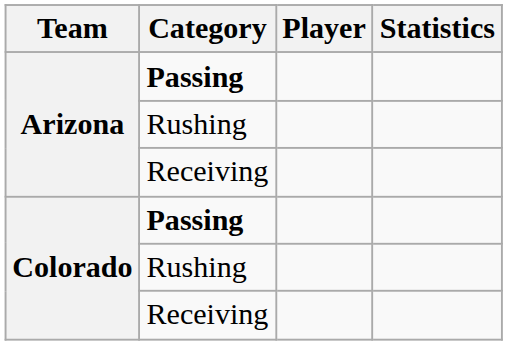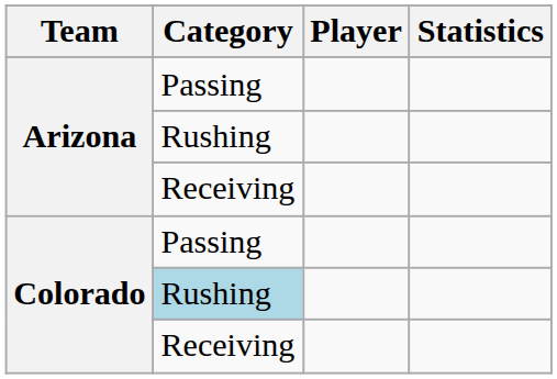 <table class="wikitable" style="float:right">
 <tr>
 <th>Team</th>
 <th>Category</th>
 <th>Player</th>
 <th>Statistics</th>
 </tr>
 <tr>
 <th rowspan=3>Arizona</th>
-<td><strong>Passing</strong></td>
+<td>Passing</td>
 <td></td>
 <td></td>
 </tr>
 <tr>
 <td>Rushing</td>
 <td></td>
 <td></td>
 </tr>
 <tr>
 <td>Receiving</td>
 <td></td>
 <td></td>
 </tr>
 <tr>
 <th rowspan=3>Colorado</th>
-<td><strong>Passing</strong></td>
+<td>Passing</td>
 <td></td>
 <td></td>
 </tr>
 <tr>
-<td>Rushing</td>
+<td style="background: lightblue;">Rushing</td>
 <td></td>
 <td></td>
 </tr>
 <tr>
 <td>Receiving</td>
 <td></td>
 <td></td>
 </tr>
 </table>
